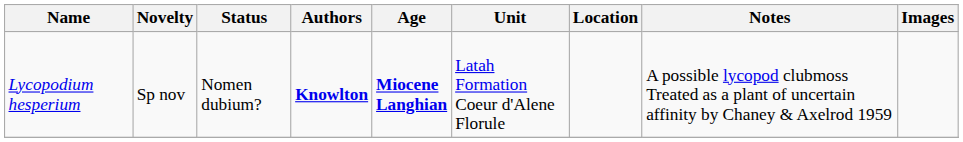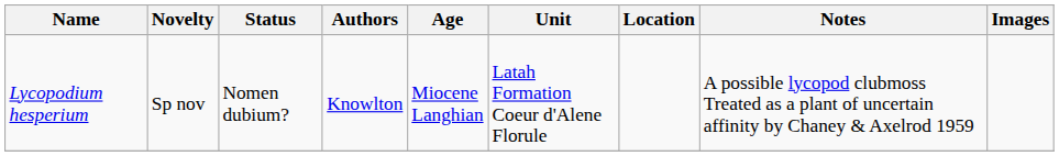 <table class="wikitable sortable" align="center" width="100%">
 <tr>
 <th>Name</th>
 <th>Novelty</th>
 <th>Status</th>
 <th>Authors</th>
 <th>Age</th>
 <th>Unit</th>
 <th>Location</th>
 <th>Notes</th>
 <th>Images</th>
 </tr>
 <tr>
 <td><br><em><a href='#'>Lycopodium hesperium</a></em></td>
 <td><br>Sp nov</td>
 <td><br>Nomen dubium?</td>
-<td><strong><br><a href='#'>Knowlton</a></strong></td>
-<td><strong><br><a href='#'>Miocene</a><br><a href='#'>Langhian</a></strong></td>
+<td><br><a href='#'>Knowlton</a></td>
+<td><br><a href='#'>Miocene</a><br><a href='#'>Langhian</a></td>
 <td><br><a href='#'>Latah Formation</a><br>Coeur d'Alene Florule</td>
 <td><br><br></td>
 <td><br>A possible <a href='#'>lycopod</a> clubmoss<br> Treated as a plant of uncertain affinity by Chaney & Axelrod 1959</td>
 <td><br></td>
 </tr>
 <tr>
 </tr>
 </table>
